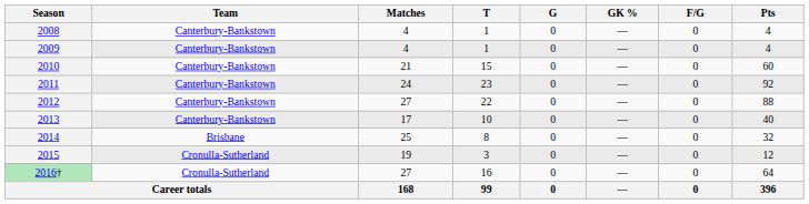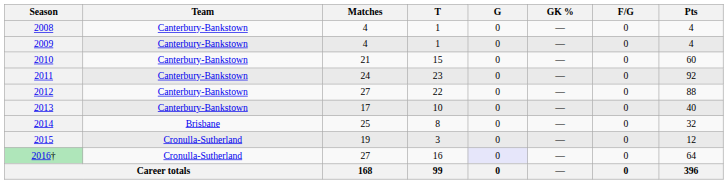 <table class="wikitable sortable"  style="font-size:90%; text-align:center; width:85%;">
 <tr>
 <th width=2%>Season</th>
 <th width=8%>Team</th>
 <th width=2%>Matches</th>
 <th width=2%>T</th>
 <th width=2%>G</th>
 <th width=2%>GK %</th>
 <th width=2%>F/G</th>
 <th width=2%>Pts</th>
 </tr>
 <tr>
 <th scope="row" style="text-align:center; font-weight:normal"><a href='#'>2008</a></th>
 <td style="text-align:center;"> <a href='#'>Canterbury-Bankstown</a></td>
 <td>4</td>
 <td>1</td>
 <td>0</td>
 <td>—</td>
 <td>0</td>
 <td>4</td>
 </tr>
 <tr style="background-color: #EAEAEA">
 <th scope="row" style="text-align:center; font-weight:normal"><a href='#'>2009</a></th>
 <td style="text-align:center;"> <a href='#'>Canterbury-Bankstown</a></td>
 <td>4</td>
 <td>1</td>
 <td>0</td>
 <td>—</td>
 <td>0</td>
 <td>4</td>
 </tr>
 <tr>
 <th scope="row" style="text-align:center; font-weight:normal"><a href='#'>2010</a></th>
 <td style="text-align:center;"> <a href='#'>Canterbury-Bankstown</a></td>
 <td>21</td>
 <td>15</td>
 <td>0</td>
 <td>—</td>
 <td>0</td>
 <td>60</td>
 </tr>
 <tr style="background-color: #EAEAEA">
 <th scope="row" style="text-align:center; font-weight:normal"><a href='#'>2011</a></th>
 <td style="text-align:center;"> <a href='#'>Canterbury-Bankstown</a></td>
 <td>24</td>
 <td>23</td>
 <td>0</td>
 <td>—</td>
 <td>0</td>
 <td>92</td>
 </tr>
 <tr>
 <th scope="row" style="text-align:center; font-weight:normal"><a href='#'>2012</a></th>
 <td style="text-align:center;"> <a href='#'>Canterbury-Bankstown</a></td>
 <td>27</td>
 <td>22</td>
 <td>0</td>
 <td>—</td>
 <td>0</td>
 <td>88</td>
 </tr>
 <tr style="background-color: #EAEAEA">
 <th scope="row" style="text-align:center; font-weight:normal"><a href='#'>2013</a></th>
 <td style="text-align:center;"> <a href='#'>Canterbury-Bankstown</a></td>
 <td>17</td>
 <td>10</td>
 <td>0</td>
 <td>—</td>
 <td>0</td>
 <td>40</td>
 </tr>
 <tr>
 <th scope="row" style="text-align:center; font-weight:normal"><a href='#'>2014</a></th>
 <td style="text-align:center;"> <a href='#'>Brisbane</a></td>
 <td>25</td>
 <td>8</td>
 <td>0</td>
 <td>—</td>
 <td>0</td>
 <td>32</td>
 </tr>
 <tr style="background-color: #EAEAEA">
 <th scope="row" style="text-align:center; font-weight:normal"><a href='#'>2015</a></th>
 <td style="text-align:center;"> <a href='#'>Cronulla-Sutherland</a></td>
 <td>19</td>
 <td>3</td>
 <td>0</td>
 <td>—</td>
 <td>0</td>
 <td>12</td>
 </tr>
 <tr>
 <th scope="row" style="text-align:center; font-weight:normal; background:#afe6ba;"><a href='#'>2016</a>†</th>
 <td style="text-align:center;"> <a href='#'>Cronulla-Sutherland</a></td>
 <td>27</td>
 <td>16</td>
-<td>0</td>
+<td style="background: lavender;">0</td>
 <td>—</td>
 <td>0</td>
 <td>64</td>
 </tr>
 <tr class="sortbottom">
 <th colspan=2>Career totals</th>
 <th>168</th>
 <th>99</th>
 <th>0</th>
 <th>—</th>
 <th>0</th>
 <th>396</th>
 </tr>
 </table>
